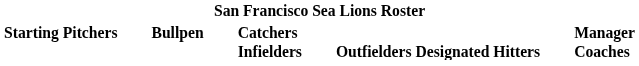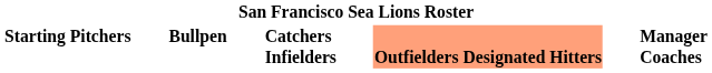 <table class="toccolours" style="font-size: 95%;">
 <tr>
 <th colspan="10">San Francisco Sea Lions Roster </th>
 </tr>
 <tr>
 <td valign="top"><strong>Starting Pitchers</strong><br>   </td>
 <td style="width:25px;"></td>
 <td valign="top"><strong>Bullpen</strong><br>        </td>
 <td style="width:25px;"></td>
 <td valign="top"><strong>Catchers</strong><br>  <strong>Infielders</strong>       </td>
 <td style="width:25px;"></td>
-<td valign="top"><br><strong>Outfielders</strong>     <strong>Designated Hitters</strong> </td>
+<td valign="top" style="background: lightsalmon;"><br><strong>Outfielders</strong>     <strong>Designated Hitters</strong> </td>
 <td style="width:25px;"></td>
 <td valign="top"><strong>Manager</strong><br>  <strong>Coaches</strong>                      </td>
 </tr>
 </table>
